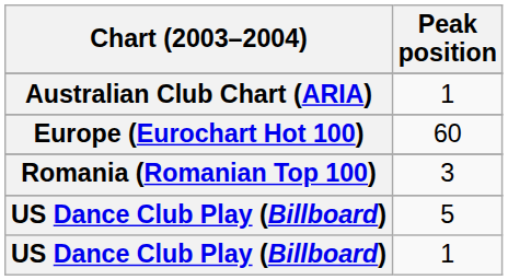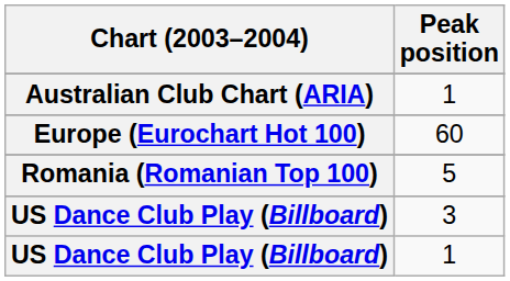 <table class="wikitable sortable plainrowheaders" style="text-align:center">
 <tr>
 <th>Chart (2003–2004)</th>
 <th>Peak<br>position</th>
 </tr>
 <tr>
 </tr>
 <tr>
 <th scope="row">Australian Club Chart (<a href='#'>ARIA</a>)</th>
 <td>1</td>
 </tr>
 <tr>
 </tr>
 <tr>
 </tr>
 <tr>
 </tr>
 <tr>
 <th scope="row">Europe (<a href='#'>Eurochart Hot 100</a>)</th>
 <td>60</td>
 </tr>
 <tr>
 </tr>
 <tr>
 </tr>
 <tr>
 <th scope="row">Romania (<a href='#'>Romanian Top 100</a>)</th>
-<td>3</td>
+<td>5</td>
 </tr>
 <tr>
 </tr>
 <tr>
 </tr>
 <tr>
 </tr>
 <tr>
 </tr>
 <tr>
 <th scope="row">US <a href='#'>Dance Club Play</a> (<em><a href='#'>Billboard</a></em>)<br></th>
-<td>5</td>
+<td>3</td>
 </tr>
 <tr>
 <th scope="row">US <a href='#'>Dance Club Play</a> (<em><a href='#'>Billboard</a></em>)<br></th>
 <td>1</td>
 </tr>
 </table>
